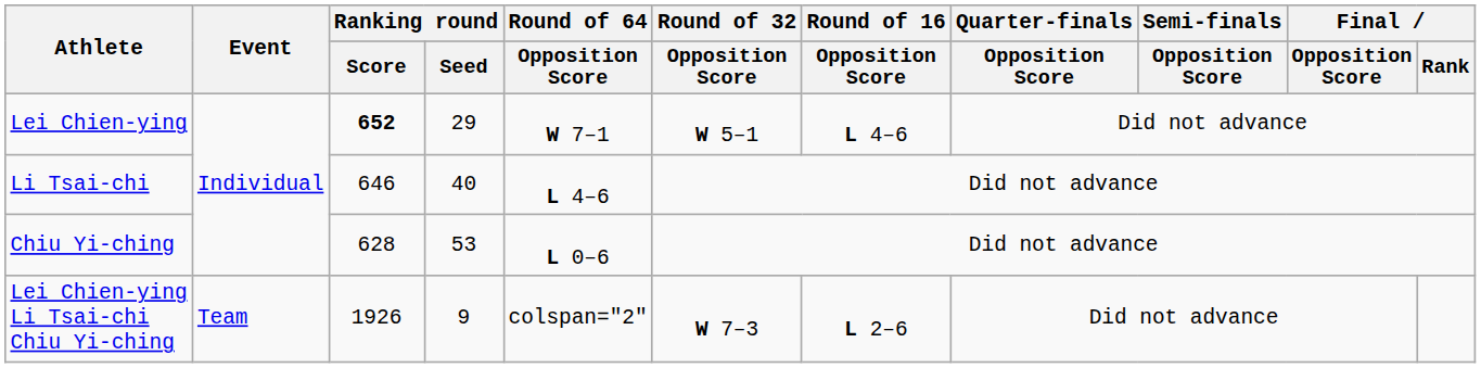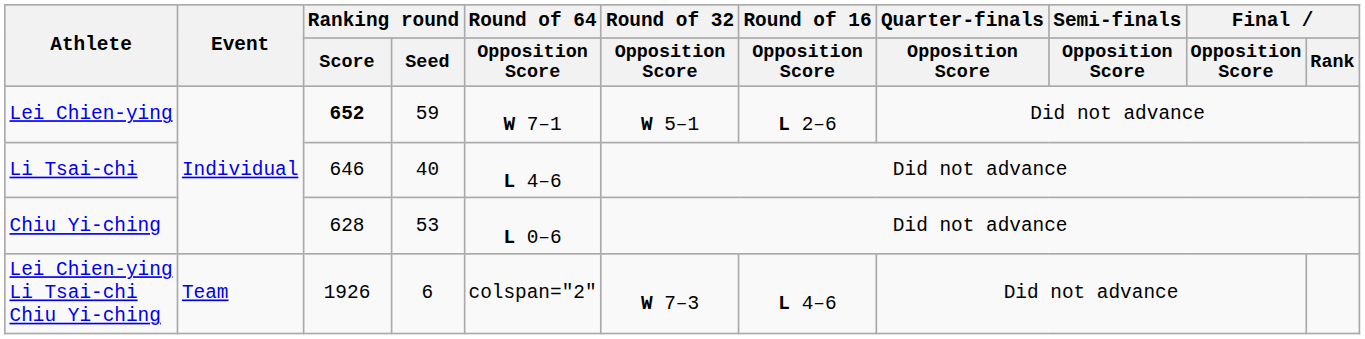 <table class="wikitable" style="font-size:90%; text-align:center">
 <tr>
 <th rowspan="2">Athlete</th>
 <th rowspan="2">Event</th>
 <th colspan="2">Ranking round</th>
 <th>Round of 64</th>
 <th>Round of 32</th>
 <th>Round of 16</th>
 <th>Quarter-finals</th>
 <th>Semi-finals</th>
 <th colspan="2">Final / </th>
 </tr>
 <tr style="font-size:95%">
 <th>Score</th>
 <th>Seed</th>
 <th>Opposition<br>Score</th>
 <th>Opposition<br>Score</th>
 <th>Opposition<br>Score</th>
 <th>Opposition<br>Score</th>
 <th>Opposition<br>Score</th>
 <th>Opposition<br>Score</th>
 <th>Rank</th>
 </tr>
 <tr>
 <td align="left"><a href='#'>Lei Chien-ying</a></td>
 <td align="left" rowspan="3"><a href='#'>Individual</a></td>
 <td><strong>652</strong></td>
-<td>29</td>
+<td>59</td>
 <td><br><strong>W</strong> 7–1</td>
 <td><br><strong>W</strong> 5–1</td>
-<td><br><strong>L</strong> 4–6</td>
+<td><br><strong>L</strong> 2–6</td>
 <td colspan="4">Did not advance</td>
 </tr>
 <tr>
 <td align="left"><a href='#'>Li Tsai-chi</a></td>
 <td>646</td>
 <td>40</td>
 <td><br><strong>L</strong> 4–6</td>
 <td colspan="6">Did not advance</td>
 </tr>
 <tr>
 <td align="left"><a href='#'>Chiu Yi-ching</a></td>
 <td>628</td>
 <td>53</td>
 <td><br><strong>L</strong> 0–6</td>
 <td colspan="6">Did not advance</td>
 </tr>
 <tr>
 <td align="left"><a href='#'>Lei Chien-ying</a><br><a href='#'>Li Tsai-chi</a><br><a href='#'>Chiu Yi-ching</a></td>
 <td align="left"><a href='#'>Team</a></td>
 <td>1926</td>
-<td>9</td>
+<td>6</td>
 <td>colspan="2" </td>
 <td><br><strong>W</strong> 7–3</td>
-<td><br><strong>L</strong> 2–6</td>
+<td><br><strong>L</strong> 4–6</td>
 <td colspan="3">Did not advance</td>
 </tr>
 </table>
